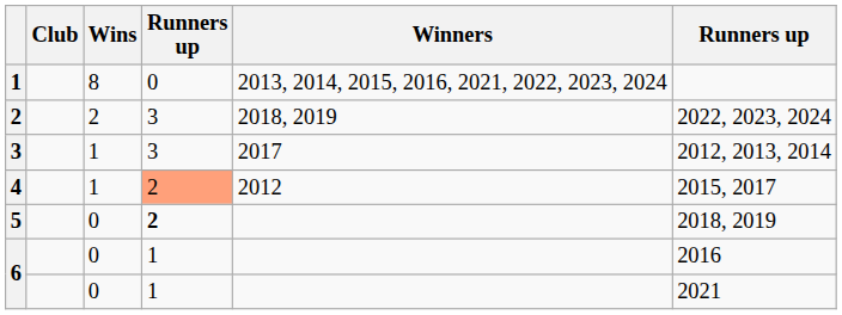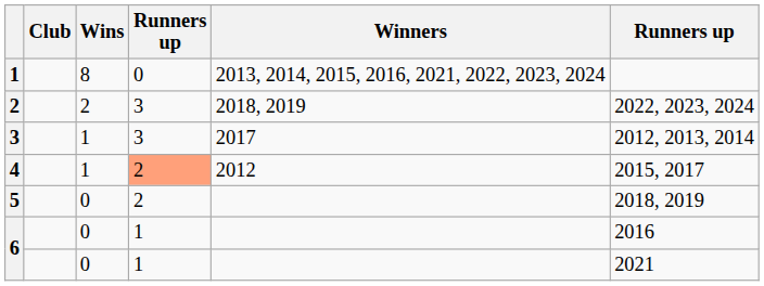 <table class="wikitable" style="text-align: left;">
 <tr>
 <th scope="col"></th>
 <th scope="col">Club</th>
 <th scope="col">Wins</th>
 <th scope="col">Runners<br>up</th>
 <th scope="col">Winners</th>
 <th scope="col">Runners up</th>
 </tr>
 <tr>
 <th scope="row">1</th>
 <td></td>
 <td>8</td>
 <td>0</td>
 <td>2013, 2014, 2015, 2016, 2021, 2022, 2023, 2024</td>
 <td></td>
 </tr>
 <tr>
 <th scope="row">2</th>
 <td></td>
 <td>2</td>
 <td>3</td>
 <td>2018, 2019</td>
 <td>2022, 2023, 2024</td>
 </tr>
 <tr>
 <th scope="row">3</th>
 <td></td>
 <td>1</td>
 <td>3</td>
 <td>2017</td>
 <td>2012, 2013, 2014</td>
 </tr>
 <tr>
 <th scope="row">4</th>
 <td></td>
 <td>1</td>
 <td style="background: lightsalmon;">2</td>
 <td>2012</td>
 <td>2015, 2017</td>
 </tr>
 <tr>
 <th scope="row">5</th>
 <td></td>
 <td>0</td>
-<td><strong>2</strong></td>
+<td>2</td>
 <td></td>
 <td>2018, 2019</td>
 </tr>
 <tr>
 <th scope="row" rowspan="2">6</th>
 <td></td>
 <td>0</td>
 <td>1</td>
 <td></td>
 <td>2016</td>
 </tr>
 <tr>
 <td></td>
 <td>0</td>
 <td>1</td>
 <td></td>
 <td>2021</td>
 </tr>
 </table>
